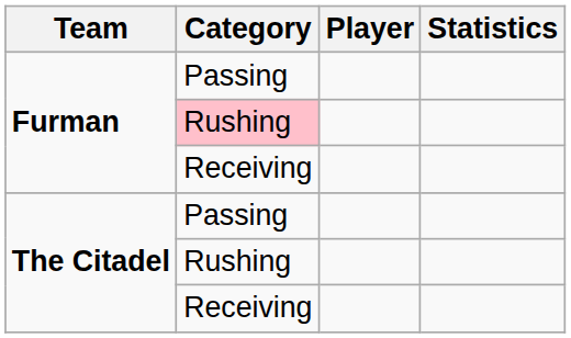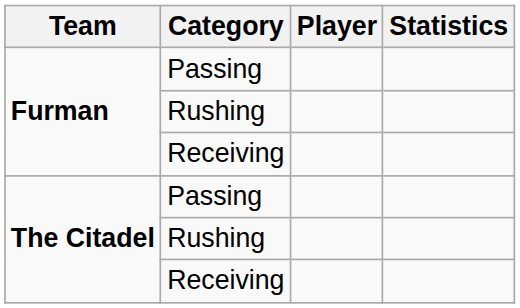 <table class="wikitable" style="float: right;">
 <tr>
 <th>Team</th>
 <th>Category</th>
 <th>Player</th>
 <th>Statistics</th>
 </tr>
 <tr>
 <td rowspan=3><strong>Furman</strong></td>
 <td>Passing</td>
 <td></td>
 <td></td>
 </tr>
 <tr>
-<td style="background: pink;">Rushing</td>
+<td>Rushing</td>
 <td></td>
 <td></td>
 </tr>
 <tr>
 <td>Receiving</td>
 <td></td>
 <td></td>
 </tr>
 <tr>
 <td rowspan=3><strong>The Citadel</strong></td>
 <td>Passing</td>
 <td></td>
 <td></td>
 </tr>
 <tr>
 <td>Rushing</td>
 <td></td>
 <td></td>
 </tr>
 <tr>
 <td>Receiving</td>
 <td></td>
 <td></td>
 </tr>
 </table>
